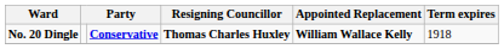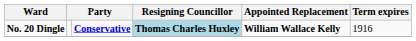 <table class="wikitable">
 <tr>
 <th>Ward</th>
 <th colspan="2">Party</th>
 <th>Resigning Councillor</th>
 <th>Appointed Replacement</th>
 <th>Term expires</th>
 </tr>
 <tr>
 <td><strong>No. 20 Dingle</strong></td>
 <td style="background-color:"></td>
 <td><strong><a href='#'>Conservative</a></strong></td>
-<td><strong>Thomas Charles Huxley</strong></td>
+<td style="background: lightblue;"><strong>Thomas Charles Huxley</strong></td>
 <td><strong>William Wallace Kelly</strong></td>
-<td>1918</td>
+<td>1916</td>
 </tr>
 <tr>
 </tr>
 </table>
